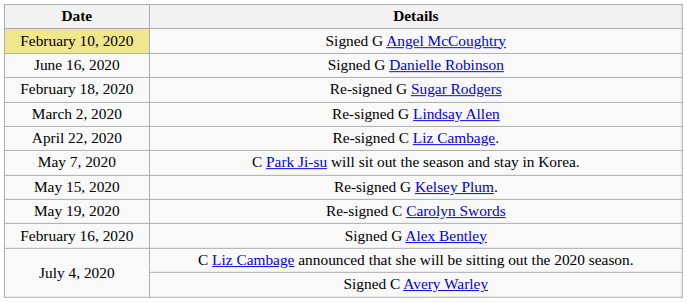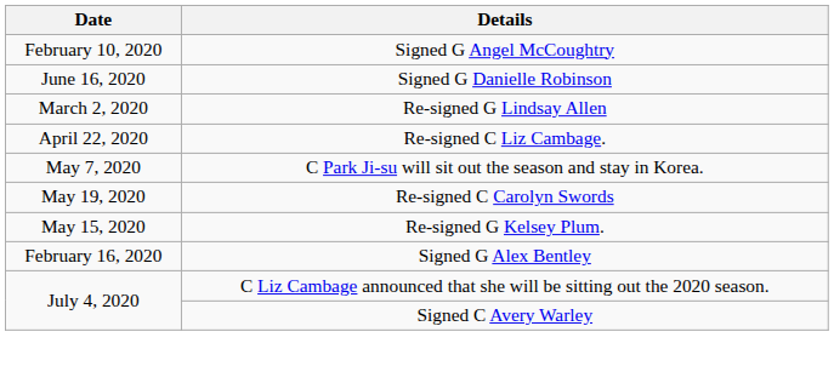 <table class="wikitable" style="width:80%; text-align: center;">
 <tr>
 <th>Date</th>
 <th>Details</th>
 </tr>
 <tr>
-<td style="background: khaki;">February 10, 2020</td>
+<td>February 10, 2020</td>
 <td>Signed G <a href='#'>Angel McCoughtry</a></td>
 </tr>
 <tr>
 <td>June 16, 2020</td>
 <td>Signed G <a href='#'>Danielle Robinson</a></td>
-</tr>
-<tr>
-<td>February 18, 2020</td>
-<td>Re-signed G <a href='#'>Sugar Rodgers</a></td>
 </tr>
 <tr>
 <td>March 2, 2020</td>
 <td>Re-signed G <a href='#'>Lindsay Allen</a></td>
 </tr>
 <tr>
 <td>April 22, 2020</td>
 <td>Re-signed C <a href='#'>Liz Cambage</a>.</td>
 </tr>
 <tr>
 <td>May 7, 2020</td>
 <td>C <a href='#'>Park Ji-su</a> will sit out the season and stay in Korea.</td>
 </tr>
 <tr>
+<td>May 19, 2020</td>
+<td>Re-signed C <a href='#'>Carolyn Swords</a></td>
+</tr>
+<tr>
 <td>May 15, 2020</td>
 <td>Re-signed G <a href='#'>Kelsey Plum</a>.</td>
-</tr>
-<tr>
-<td>May 19, 2020</td>
-<td>Re-signed C <a href='#'>Carolyn Swords</a></td>
 </tr>
 <tr>
 <td>February 16, 2020</td>
 <td>Signed G <a href='#'>Alex Bentley</a></td>
 </tr>
 <tr>
 <td rowspan=2>July 4, 2020</td>
 <td>C <a href='#'>Liz Cambage</a> announced that she will be sitting out the 2020 season.</td>
 </tr>
 <tr>
 <td>Signed C <a href='#'>Avery Warley</a></td>
 </tr>
 </table>
